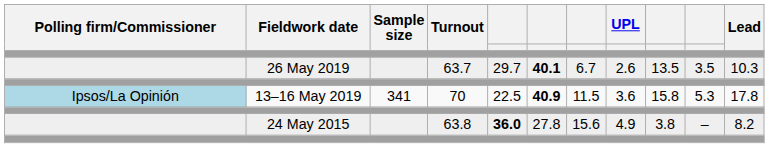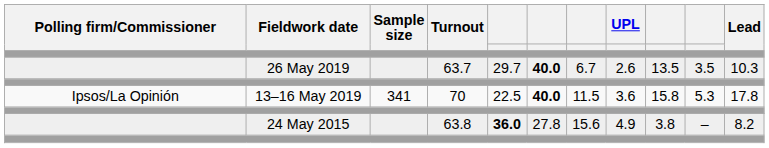 <table class="wikitable collapsible collapsed" style="text-align:center; font-size:95%; line-height:16px;">
 <tr style="height:42px;">
 <th style="width:250px;" rowspan="2">Polling firm/Commissioner</th>
 <th style="width:125px;" rowspan="2">Fieldwork date</th>
 <th style="width:50px;" rowspan="2">Sample size</th>
 <th style="width:45px;" rowspan="2">Turnout</th>
 <th style="width:35px;"></th>
 <th style="width:35px;"></th>
 <th style="width:35px;"></th>
 <th style="width:35px;"><a href='#'>UPL</a></th>
 <th style="width:35px;"></th>
 <th style="width:35px;"></th>
 <th style="width:30px;" rowspan="2">Lead</th>
 </tr>
 <tr>
 <th style="color:inherit;background:"></th>
 <th style="color:inherit;background:"></th>
 <th style="color:inherit;background:"></th>
 <th style="color:inherit;background:"></th>
 <th style="color:inherit;background:"></th>
 <th style="color:inherit;background:"></th>
 </tr>
 <tr>
 <td colspan="11" style="background:#A0A0A0"></td>
 </tr>
 <tr style="background:#EFEFEF;">
 <td><strong></strong></td>
 <td>26 May 2019</td>
 <td></td>
 <td>63.7</td>
 <td>29.7<br></td>
-<td><strong>40.1</strong><br></td>
+<td><strong>40.0</strong><br></td>
 <td>6.7<br></td>
 <td>2.6<br></td>
 <td>13.5<br></td>
 <td>3.5<br></td>
 <td style="background:">10.3</td>
 </tr>
 <tr>
 <td colspan="11" style="background:#A0A0A0"></td>
 </tr>
 <tr>
-<td style="background: lightblue;">Ipsos/La Opinión</td>
+<td>Ipsos/La Opinión</td>
 <td>13–16 May 2019</td>
 <td>341</td>
 <td>70</td>
 <td>22.5<br></td>
-<td><strong>40.9</strong><br></td>
+<td><strong>40.0</strong><br></td>
 <td>11.5<br></td>
 <td>3.6<br></td>
 <td>15.8<br></td>
 <td>5.3<br></td>
 <td style="background:">17.8</td>
 </tr>
 <tr>
 <td colspan="11" style="background:#A0A0A0"></td>
 </tr>
 <tr style="background:#EFEFEF;">
 <td><strong></strong></td>
 <td>24 May 2015</td>
 <td></td>
 <td>63.8</td>
 <td><strong>36.0</strong><br></td>
 <td>27.8<br></td>
 <td>15.6<br></td>
 <td>4.9<br></td>
 <td>3.8<br></td>
 <td>–</td>
 <td style="background:">8.2</td>
 </tr>
 <tr>
 <td colspan="11" style="background:#A0A0A0"></td>
 </tr>
 </table>
